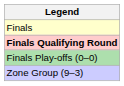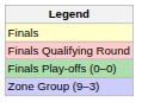 <table class="wikitable" style=font-size:90%>
 <tr>
 <th>Legend</th>
 </tr>
 <tr bgcolor=ffffcc>
 <td>Finals</td>
 </tr>
 <tr bgcolor=ffcccc>
-<td><strong>Finals Qualifying Round</strong></td>
+<td>Finals Qualifying Round</td>
 </tr>
 <tr bgcolor="addfad">
 <td>Finals Play-offs (0–0)</td>
 </tr>
 <tr bgcolor="#ccf">
 <td>Zone Group (9–3)</td>
 </tr>
 </table>
